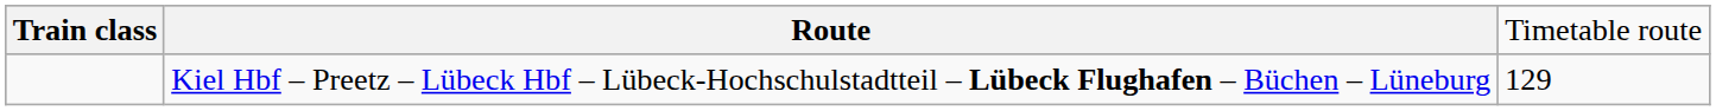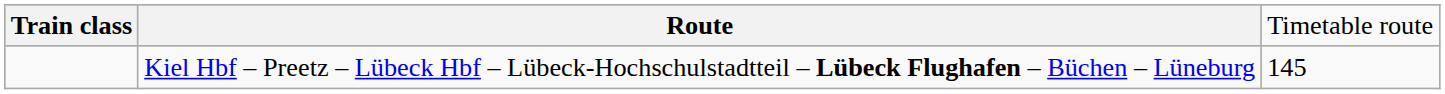 <table class="wikitable">
 <tr>
 <th>Train class</th>
 <th>Route</th>
 <td>Timetable route</td>
 </tr>
 <tr>
 <td></td>
 <td><a href='#'>Kiel Hbf</a> – Preetz – <a href='#'>Lübeck Hbf</a> – Lübeck-Hochschulstadtteil – <strong>Lübeck Flughafen</strong> – <a href='#'>Büchen</a> – <a href='#'>Lüneburg</a></td>
-<td>129</td>
+<td>145</td>
 </tr>
 </table>
